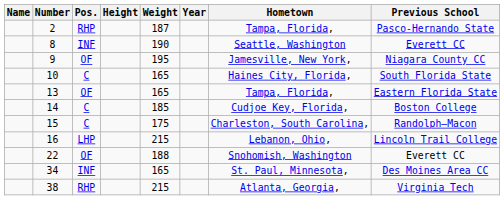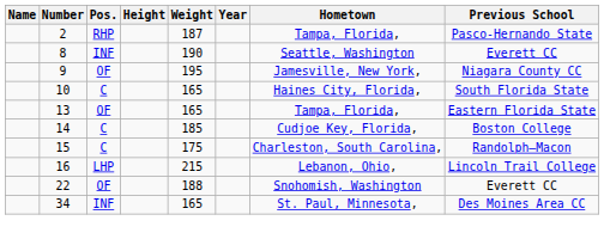 <table class="wikitable sortable sortable" style="text-align: center">
 <tr align=center>
 <th>Name</th>
 <th>Number</th>
 <th>Pos.</th>
 <th>Height</th>
 <th>Weight</th>
 <th>Year</th>
 <th>Hometown</th>
 <th>Previous School</th>
 </tr>
 <tr>
 <td></td>
 <td>2</td>
 <td><a href='#'>RHP</a></td>
 <td></td>
 <td>187</td>
 <td></td>
 <td><a href='#'>Tampa, Florida</a>,</td>
 <td><a href='#'>Pasco-Hernando State</a></td>
 </tr>
 <tr>
 <td></td>
 <td>8</td>
 <td><a href='#'>INF</a></td>
 <td></td>
 <td>190</td>
 <td></td>
 <td><a href='#'>Seattle, Washington</a></td>
 <td><a href='#'>Everett CC</a></td>
 </tr>
 <tr>
 <td></td>
 <td>9</td>
 <td><a href='#'>OF</a></td>
 <td></td>
 <td>195</td>
 <td></td>
 <td><a href='#'>Jamesville, New York</a>,</td>
 <td><a href='#'>Niagara County CC</a></td>
 </tr>
 <tr>
 <td></td>
 <td>10</td>
 <td><a href='#'>C</a></td>
 <td></td>
 <td>165</td>
 <td></td>
 <td><a href='#'>Haines City, Florida</a>,</td>
 <td><a href='#'>South Florida State</a></td>
 </tr>
 <tr>
 <td></td>
 <td>13</td>
 <td><a href='#'>OF</a></td>
 <td></td>
 <td>165</td>
 <td></td>
 <td><a href='#'>Tampa, Florida</a>,</td>
 <td><a href='#'>Eastern Florida State</a></td>
 </tr>
 <tr>
 <td></td>
 <td>14</td>
 <td><a href='#'>C</a></td>
 <td></td>
 <td>185</td>
 <td></td>
 <td><a href='#'>Cudjoe Key, Florida</a>,</td>
 <td><a href='#'>Boston College</a></td>
 </tr>
 <tr>
 <td></td>
 <td>15</td>
 <td><a href='#'>C</a></td>
 <td></td>
 <td>175</td>
 <td></td>
 <td><a href='#'>Charleston, South Carolina</a>,</td>
 <td><a href='#'>Randolph–Macon</a></td>
 </tr>
 <tr>
 <td></td>
 <td>16</td>
 <td><a href='#'>LHP</a></td>
 <td></td>
 <td>215</td>
 <td></td>
 <td><a href='#'>Lebanon, Ohio</a>,</td>
 <td><a href='#'>Lincoln Trail College</a></td>
 </tr>
 <tr>
 <td></td>
 <td>22</td>
 <td><a href='#'>OF</a></td>
 <td></td>
 <td>188</td>
 <td></td>
 <td><a href='#'>Snohomish, Washington</a></td>
 <td>Everett CC</td>
 </tr>
 <tr>
 <td></td>
 <td>34</td>
 <td><a href='#'>INF</a></td>
 <td></td>
 <td>165</td>
 <td></td>
 <td><a href='#'>St. Paul, Minnesota</a>,</td>
 <td><a href='#'>Des Moines Area CC</a></td>
 </tr>
-<tr>
-<td></td>
-<td>38</td>
-<td><a href='#'>RHP</a></td>
-<td></td>
-<td>215</td>
-<td></td>
-<td><a href='#'>Atlanta, Georgia</a>,</td>
-<td><a href='#'>Virginia Tech</a></td>
-</tr>
 </table>
